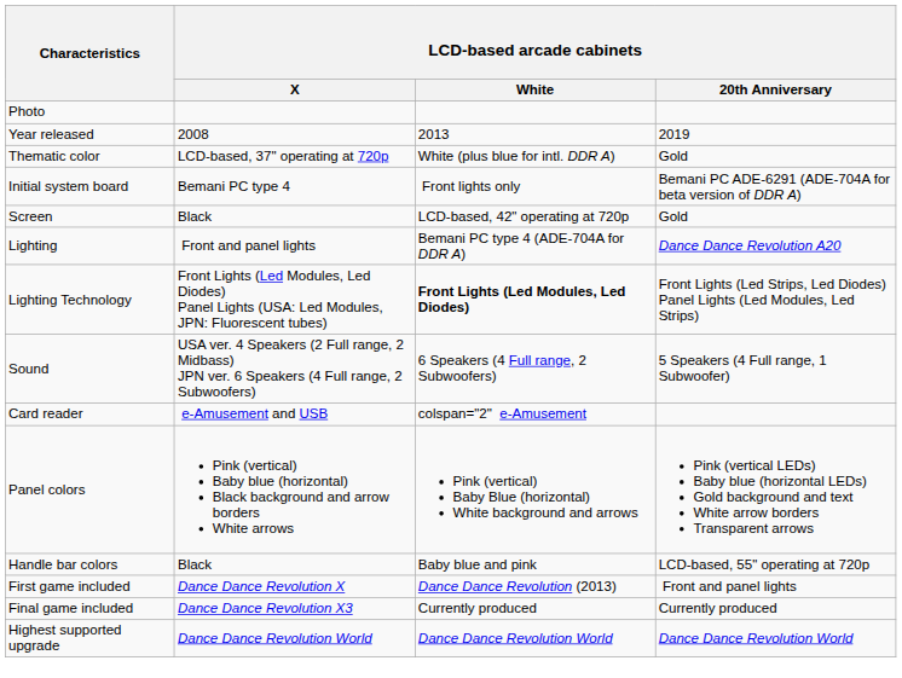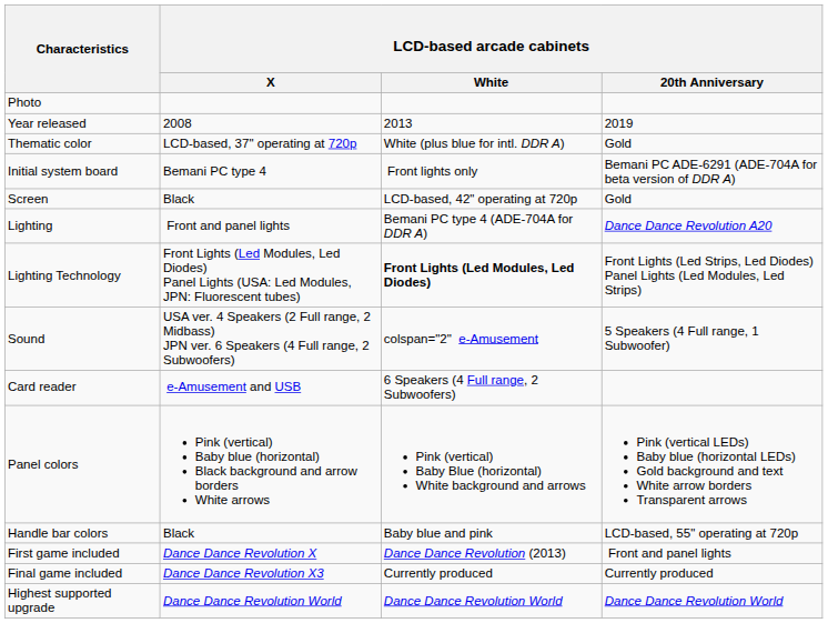 <table class="wikitable" style="width: 1024px;">
 <tr>
 <th rowspan="2" style="width: 19%;">Characteristics</th>
 <th colspan=5><br><h3>LCD-based arcade cabinets</h3></th>
 </tr>
 <tr>
 <th style="width: 27%;">X</th>
 <th style="width: 27%;">White</th>
 <th style="width: 27%;">20th Anniversary</th>
 </tr>
 <tr>
 <td>Photo</td>
 <td></td>
 <td></td>
 <td></td>
 </tr>
 <tr>
 <td>Year released</td>
 <td>2008</td>
 <td>2013</td>
 <td>2019</td>
 </tr>
 <tr>
 <td>Thematic color</td>
 <td>LCD-based, 37" operating at <a href='#'>720p</a></td>
 <td>White (plus blue for intl. <em>DDR A</em>)</td>
 <td>Gold</td>
 </tr>
 <tr>
 <td>Initial system board</td>
 <td>Bemani PC type 4</td>
 <td> Front lights only</td>
 <td>Bemani PC ADE-6291 (ADE-704A for beta version of <em>DDR A</em>)</td>
 </tr>
 <tr>
 <td>Screen</td>
 <td>Black</td>
 <td>LCD-based, 42" operating at 720p</td>
 <td>Gold</td>
 </tr>
 <tr>
 <td>Lighting</td>
 <td> Front and panel lights</td>
 <td>Bemani PC type 4 (ADE-704A for <em>DDR A</em>)</td>
 <td><em><a href='#'>Dance Dance Revolution A20</a></em> </td>
 </tr>
 <tr>
 <td>Lighting Technology</td>
 <td>Front Lights (<a href='#'>Led</a> Modules, Led Diodes)<br>Panel Lights (USA: Led Modules, JPN: Fluorescent tubes)</td>
 <td><strong>Front Lights (Led Modules, Led Diodes)</strong></td>
 <td>Front Lights (Led Strips, Led Diodes)<br>Panel Lights (Led Modules, Led Strips)</td>
 </tr>
 <tr>
 <td>Sound</td>
 <td>USA ver. 4 Speakers  (2 Full range, 2 Midbass)<br>JPN ver. 6 Speakers (4 Full range, 2 Subwoofers)</td>
-<td>6 Speakers (4 <a href='#'>Full range</a>, 2 Subwoofers)</td>
+<td>colspan="2"  <a href='#'>e-Amusement</a></td>
 <td>5 Speakers (4 Full range, 1 Subwoofer)</td>
 </tr>
 <tr>
 <td>Card reader</td>
 <td> <a href='#'>e-Amusement</a> and <a href='#'>USB</a></td>
-<td>colspan="2"  <a href='#'>e-Amusement</a></td>
+<td>6 Speakers (4 <a href='#'>Full range</a>, 2 Subwoofers)</td>
 </tr>
 <tr>
 <td>Panel colors</td>
 <td><br><ul><li>Pink (vertical)</li><li>Baby blue (horizontal)</li><li>Black background and arrow borders</li><li>White arrows</li></ul></td>
 <td><br><ul><li>Pink (vertical)</li><li>Baby Blue (horizontal)</li><li>White background and arrows</li></ul></td>
 <td><br><ul><li>Pink (vertical LEDs)</li><li>Baby blue (horizontal LEDs)</li><li>Gold background and text</li><li>White arrow borders</li><li>Transparent arrows</li></ul></td>
 </tr>
 <tr>
 <td>Handle bar colors</td>
 <td>Black</td>
 <td>Baby blue and pink</td>
 <td>LCD-based, 55" operating at 720p</td>
 </tr>
 <tr>
 <td>First game included</td>
 <td><em><a href='#'>Dance Dance Revolution X</a></em></td>
 <td><em><a href='#'>Dance Dance Revolution</a></em> (2013)</td>
 <td> Front and panel lights</td>
 </tr>
 <tr>
 <td>Final game included</td>
 <td><em><a href='#'>Dance Dance Revolution X3</a></em></td>
 <td>Currently produced</td>
 <td>Currently produced</td>
 </tr>
 <tr>
 <td>Highest supported upgrade</td>
 <td><em><a href='#'>Dance Dance Revolution World</a></em></td>
 <td><em><a href='#'>Dance Dance Revolution World</a></em></td>
 <td><em><a href='#'>Dance Dance Revolution World</a></em></td>
 </tr>
 </table>
